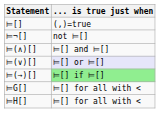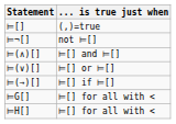 <table class="wikitable">
 <tr>
 <th>Statement</th>
 <th>... is true just when</th>
 </tr>
 <tr>
 <td>⊨[]</td>
 <td>(,)=true</td>
 </tr>
 <tr>
 <td>⊨¬[]</td>
 <td>not ⊨[]</td>
 </tr>
 <tr>
 <td>⊨(∧)[]</td>
 <td>⊨[] and ⊨[]</td>
 </tr>
 <tr>
 <td>⊨(∨)[]</td>
-<td style="background: lavender;">⊨[] or ⊨[]</td>
+<td>⊨[] or ⊨[]</td>
 </tr>
 <tr>
 <td>⊨(→)[]</td>
-<td style="background: lightgreen;">⊨[] if ⊨[]</td>
+<td>⊨[] if ⊨[]</td>
 </tr>
 <tr>
 <td>⊨G[]</td>
 <td>⊨[] for all  with <</td>
 </tr>
 <tr>
 <td>⊨H[]</td>
 <td>⊨[] for all  with <</td>
 </tr>
 </table>
